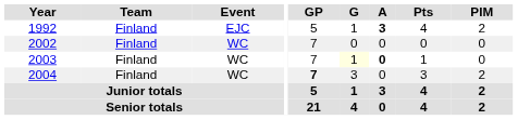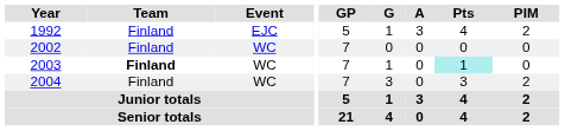 <table border="0" cellpadding="1" cellspacing="0" ID="Table3" style="text-align:center; width:40em">
 <tr bgcolor="#e0e0e0">
 <th>Year</th>
 <th>Team</th>
 <th>Event</th>
 <th rowspan="102" bgcolor="#ffffff"></th>
 <th>GP</th>
 <th>G</th>
 <th>A</th>
 <th>Pts</th>
 <th>PIM</th>
 </tr>
 <tr>
 <td><a href='#'>1992</a></td>
 <td><a href='#'>Finland</a></td>
 <td><a href='#'>EJC</a></td>
 <td>5</td>
 <td>1</td>
-<td><strong>3</strong></td>
+<td>3</td>
 <td>4</td>
 <td>2</td>
 </tr>
 <tr bgcolor="#f0f0f0">
 <td><a href='#'>2002</a></td>
 <td><a href='#'>Finland</a></td>
 <td><a href='#'>WC</a></td>
 <td>7</td>
 <td>0</td>
 <td>0</td>
 <td>0</td>
 <td>0</td>
 </tr>
 <tr>
 <td><a href='#'>2003</a></td>
-<td>Finland</td>
+<td><strong>Finland</strong></td>
 <td>WC</td>
 <td>7</td>
-<td style="background: lightyellow;">1</td>
-<td><strong>0</strong></td>
 <td>1</td>
+<td>0</td>
+<td style="background: paleturquoise;">1</td>
 <td>0</td>
 </tr>
 <tr bgcolor="#f0f0f0">
 <td><a href='#'>2004</a></td>
 <td>Finland</td>
 <td>WC</td>
-<td><strong>7</strong></td>
+<td>7</td>
 <td>3</td>
 <td>0</td>
 <td>3</td>
 <td>2</td>
 </tr>
 <tr bgcolor="#e0e0e0">
 <th colspan=3>Junior totals</th>
 <th>5</th>
 <th>1</th>
 <th>3</th>
 <th>4</th>
 <th>2</th>
 </tr>
 <tr bgcolor="#e0e0e0">
 <th colspan=3>Senior totals</th>
 <th>21</th>
 <th>4</th>
 <th>0</th>
 <th>4</th>
 <th>2</th>
 </tr>
 </table>
